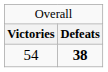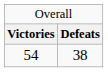 <table class="wikitable">
 <tr>
 <td align=center colspan=2>Overall</td>
 </tr>
 <tr>
 <th>Victories</th>
 <th>Defeats</th>
 </tr>
 <tr>
 <td align=center><big>54</big></td>
-<td align=center><strong><big>38</big></strong></td>
+<td align=center><big>38</big></td>
 </tr>
 </table>
